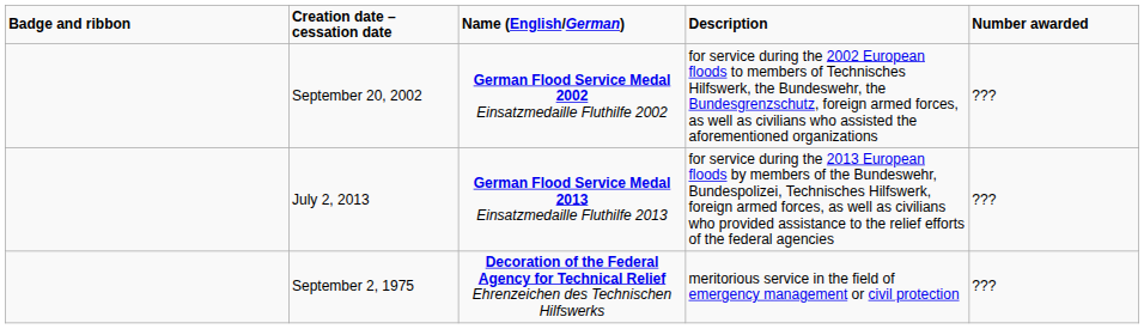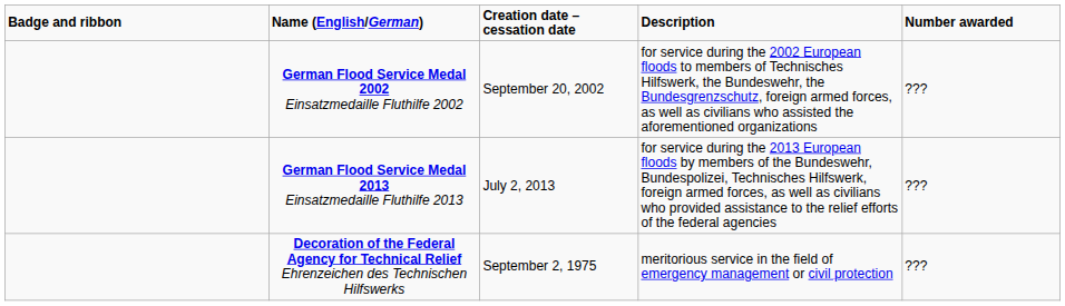 <table class="wikitable" width="100%">
 <tr>
 <td width="25%"><strong>Badge and ribbon</strong></td>
+<td width="20%"><strong>Name (<a href='#'>English</a>/<em><a href='#'>German</a></em>)</strong></td>
 <td width="15%"><strong>Creation date – cessation date</strong></td>
-<td width="20%"><strong>Name (<a href='#'>English</a>/<em><a href='#'>German</a></em>)</strong></td>
 <td width="25%"><strong>Description</strong></td>
 <td width="15%"><strong>Number awarded</strong></td>
 </tr>
 <tr>
 <td></td>
+<td style="text-align:center;"><a href='#'><strong>German Flood Service Medal 2002</strong></a><br><em>Einsatzmedaille Fluthilfe 2002</em></td>
 <td>September 20, 2002</td>
-<td style="text-align:center;"><a href='#'><strong>German Flood Service Medal 2002</strong></a><br><em>Einsatzmedaille Fluthilfe 2002</em></td>
 <td>for service during the <a href='#'>2002 European floods</a> to members of Technisches Hilfswerk, the Bundeswehr, the <a href='#'>Bundesgrenzschutz</a>, foreign armed forces, as well as civilians who assisted the aforementioned organizations</td>
 <td>???</td>
 </tr>
 <tr>
 <td><div></div></td>
+<td style="text-align:center;"><a href='#'><strong>German Flood Service Medal 2013</strong></a><br><em>Einsatzmedaille Fluthilfe 2013</em></td>
 <td>July 2, 2013</td>
-<td style="text-align:center;"><a href='#'><strong>German Flood Service Medal 2013</strong></a><br><em>Einsatzmedaille Fluthilfe 2013</em></td>
 <td>for service during the <a href='#'>2013 European floods</a> by members of the Bundeswehr, Bundespolizei, Technisches Hilfswerk, foreign armed forces, as well as civilians who provided assistance to the relief efforts of the federal agencies</td>
 <td>???</td>
 </tr>
 <tr>
 <td><br><br></td>
+<td style="text-align:center;"><a href='#'><strong>Decoration of the Federal Agency for Technical Relief</strong></a><br><em>Ehrenzeichen des Technischen Hilfswerks</em></td>
 <td>September 2, 1975</td>
-<td style="text-align:center;"><a href='#'><strong>Decoration of the Federal Agency for Technical Relief</strong></a><br><em>Ehrenzeichen des Technischen Hilfswerks</em></td>
 <td>meritorious service in the field of <a href='#'>emergency management</a> or <a href='#'>civil protection</a></td>
 <td>???</td>
 </tr>
 </table>
